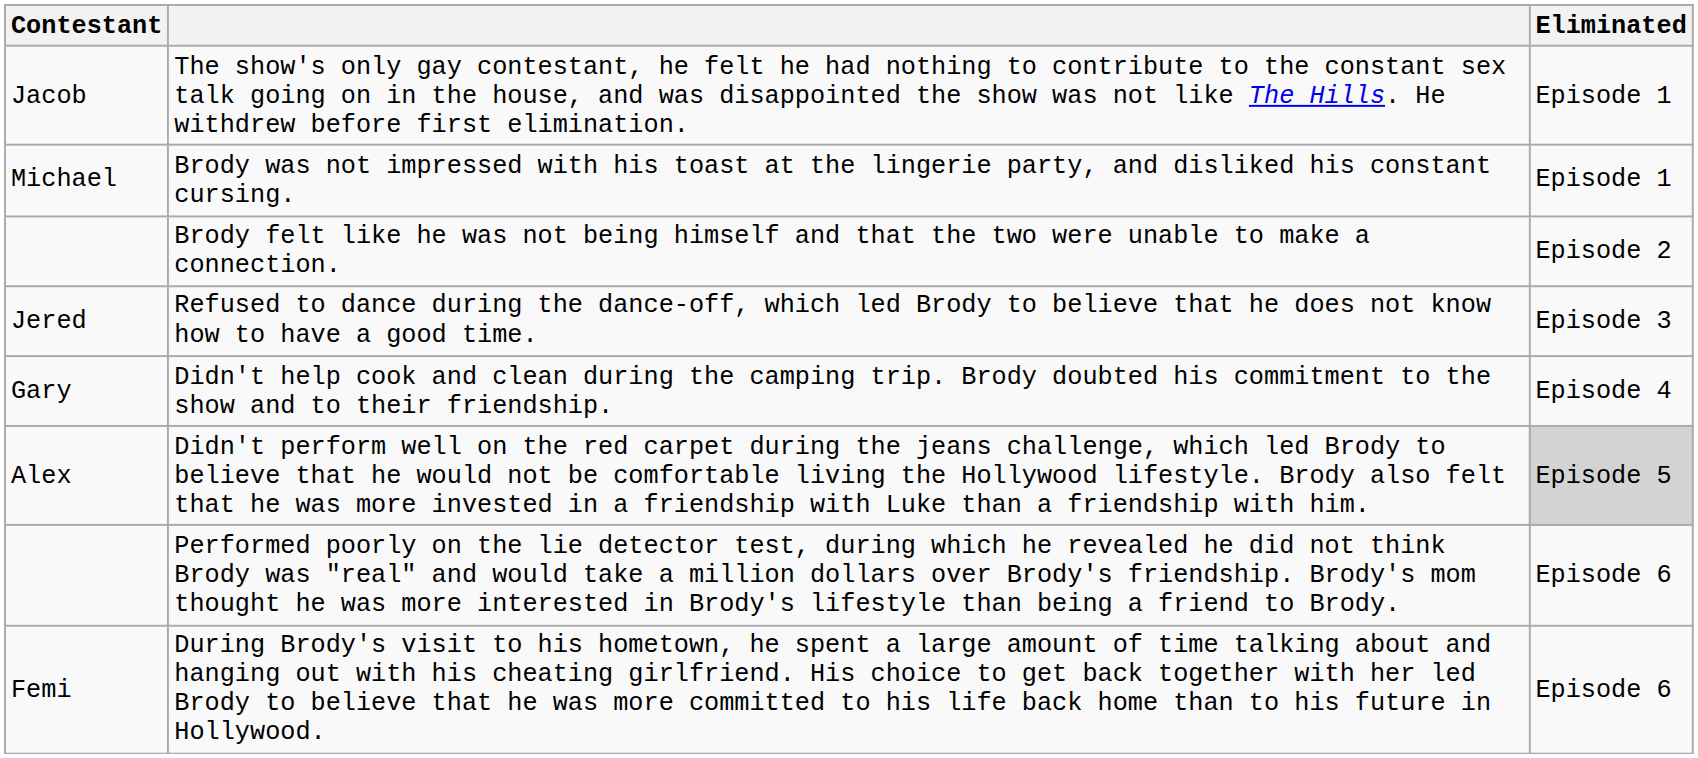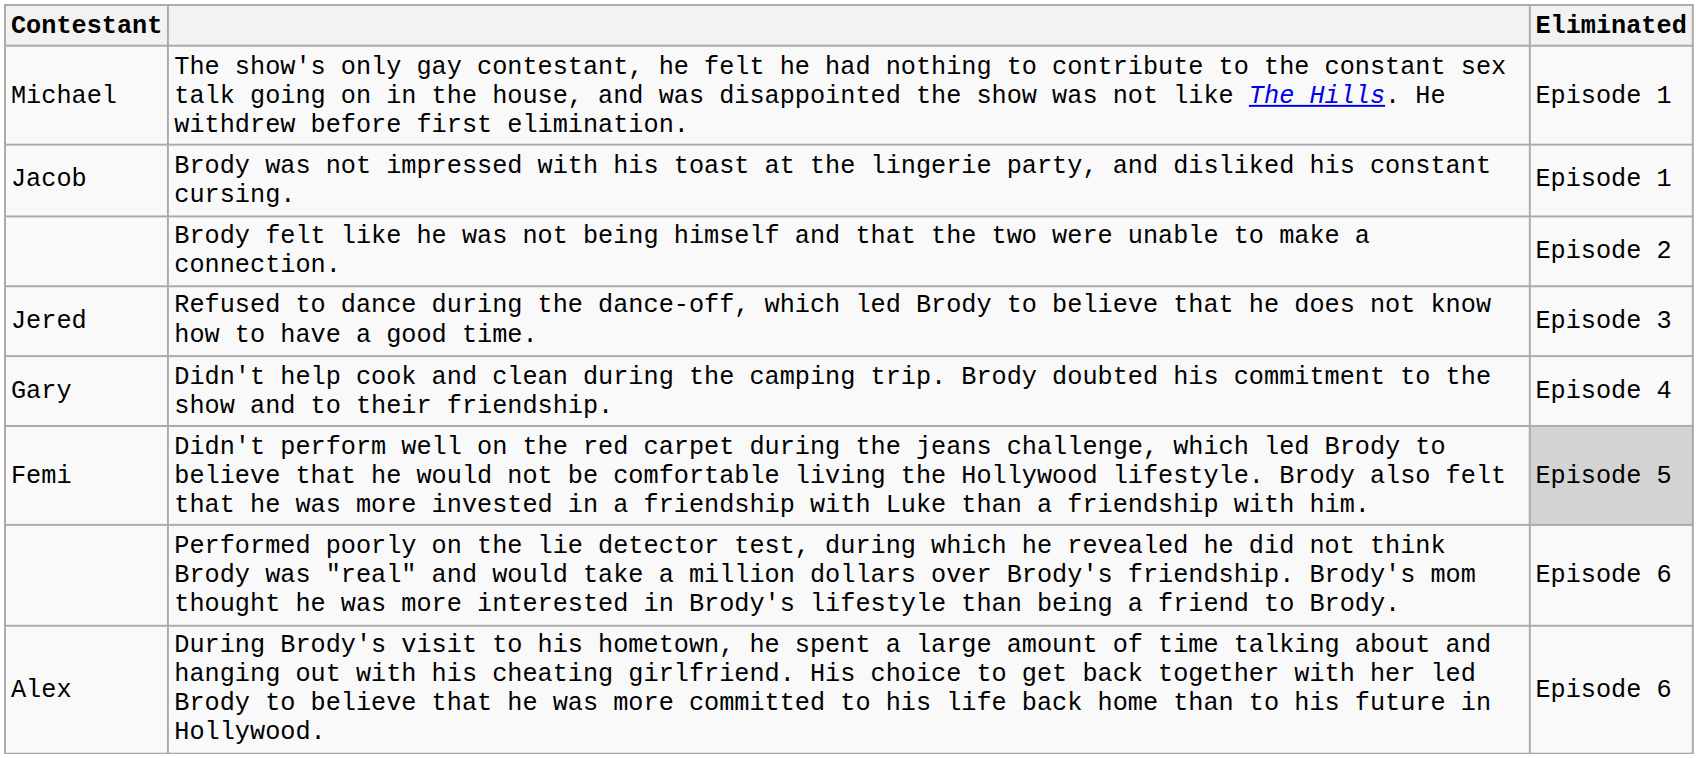 <table class="wikitable">
 <tr>
 <th>Contestant</th>
 <th></th>
 <th>Eliminated</th>
 </tr>
 <tr>
-<td>Jacob</td>
+<td>Michael</td>
 <td>The show's only gay contestant, he felt he had nothing to contribute to the constant sex talk going on in the house, and was disappointed the show was not like <em><a href='#'>The Hills</a></em>. He withdrew before first elimination.</td>
 <td>Episode 1</td>
 </tr>
 <tr>
-<td>Michael</td>
+<td>Jacob</td>
 <td>Brody was not impressed with his toast at the lingerie party, and disliked his constant cursing.</td>
 <td>Episode 1</td>
 </tr>
 <tr>
 <td></td>
 <td>Brody felt like he was not being himself and that the two were unable to make a connection.</td>
 <td>Episode 2</td>
 </tr>
 <tr>
 <td>Jered</td>
 <td>Refused to dance during the dance-off, which led Brody to believe that he does not know how to have a good time.</td>
 <td>Episode 3</td>
 </tr>
 <tr>
 <td>Gary</td>
 <td>Didn't help cook and clean during the camping trip. Brody doubted his commitment to the show and to their friendship.</td>
 <td>Episode 4</td>
 </tr>
 <tr>
-<td>Alex</td>
+<td>Femi</td>
 <td>Didn't perform well on the red carpet during the jeans challenge, which led Brody to believe that he would not be comfortable living the Hollywood lifestyle. Brody also felt that he was more invested in a friendship with Luke than a friendship with him.</td>
 <td style="background: lightgrey;">Episode 5</td>
 </tr>
 <tr>
 <td></td>
 <td>Performed poorly on the lie detector test, during which he revealed he did not think Brody was "real" and would take a million dollars over Brody's friendship. Brody's mom thought he was more interested in Brody's lifestyle than being a friend to Brody.</td>
 <td>Episode 6</td>
 </tr>
 <tr>
-<td>Femi</td>
+<td>Alex</td>
 <td>During Brody's visit to his hometown, he spent a large amount of time talking about and hanging out with his cheating girlfriend. His choice to get back together with her led Brody to believe that he was more committed to his life back home than to his future in Hollywood.</td>
 <td>Episode 6</td>
 </tr>
 <tr>
 </tr>
 </table>
